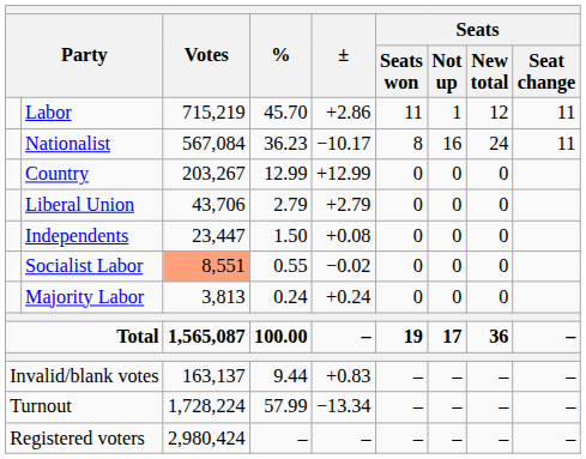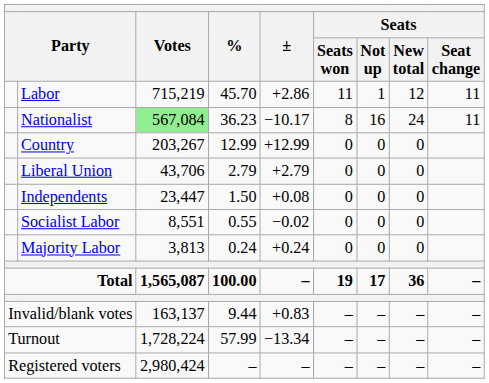 <table class="wikitable sortable tpl-blanktable" style="text-align:right; margin-bottom:0">
 <tr>
 <th colspan="9"></th>
 </tr>
 <tr>
 <th colspan="2" rowspan="2">Party</th>
 <th rowspan="2">Votes</th>
 <th rowspan="2">%</th>
 <th rowspan="2">±</th>
 <th colspan="4">Seats</th>
 </tr>
 <tr>
 <th>Seats<br>won</th>
 <th>Not<br>up</th>
 <th>New<br>total</th>
 <th>Seat<br>change</th>
 </tr>
 <tr>
 <td> </td>
 <td style="text-align:left;"><a href='#'>Labor</a></td>
 <td>715,219</td>
 <td>45.70</td>
 <td>+2.86</td>
 <td>11</td>
 <td>1</td>
 <td>12</td>
 <td> 11</td>
 </tr>
 <tr>
 <td> </td>
 <td style="text-align:left;"><a href='#'>Nationalist</a></td>
-<td>567,084</td>
+<td style="background: lightgreen;">567,084</td>
 <td>36.23</td>
 <td>−10.17</td>
 <td>8</td>
 <td>16</td>
 <td>24</td>
 <td> 11</td>
 </tr>
 <tr>
 <td> </td>
 <td style="text-align:left;"><a href='#'>Country</a></td>
 <td>203,267</td>
 <td>12.99</td>
 <td>+12.99</td>
 <td>0</td>
 <td>0</td>
 <td>0</td>
 <td></td>
 </tr>
 <tr>
 <td> </td>
 <td style="text-align:left;"><a href='#'>Liberal Union</a></td>
 <td>43,706</td>
 <td>2.79</td>
 <td>+2.79</td>
 <td>0</td>
 <td>0</td>
 <td>0</td>
 <td></td>
 </tr>
 <tr>
 <td> </td>
 <td style="text-align:left;"><a href='#'>Independents</a></td>
 <td>23,447</td>
 <td>1.50</td>
 <td>+0.08</td>
 <td>0</td>
 <td>0</td>
 <td>0</td>
 <td></td>
 </tr>
 <tr>
 <td> </td>
 <td style="text-align:left;"><a href='#'>Socialist Labor</a></td>
-<td style="background: lightsalmon;">8,551</td>
+<td>8,551</td>
 <td>0.55</td>
 <td>−0.02</td>
 <td>0</td>
 <td>0</td>
 <td>0</td>
 <td></td>
 </tr>
 <tr>
 <td> </td>
 <td style="text-align:left;"><a href='#'>Majority Labor</a></td>
 <td>3,813</td>
 <td>0.24</td>
 <td>+0.24</td>
 <td>0</td>
 <td>0</td>
 <td>0</td>
 <td></td>
 </tr>
 <tr>
 <th colspan=9></th>
 </tr>
 <tr>
 <td colspan="2"><strong>Total</strong></td>
 <td><strong>1,565,087</strong></td>
 <td><strong>100.00</strong></td>
 <td><strong>–</strong></td>
 <td><strong>19</strong></td>
 <td><strong>17</strong></td>
 <td><strong>36</strong></td>
 <td><strong>–</strong></td>
 </tr>
 <tr>
 <th colspan=9></th>
 </tr>
 <tr>
 <td colspan="2" align=left>Invalid/blank votes</td>
 <td>163,137</td>
 <td>9.44</td>
 <td>+0.83</td>
 <td>–</td>
 <td>–</td>
 <td>–</td>
 <td>–</td>
 </tr>
 <tr>
 <td colspan="2" align=left>Turnout</td>
 <td>1,728,224</td>
 <td>57.99</td>
 <td>−13.34</td>
 <td>–</td>
 <td>–</td>
 <td>–</td>
 <td>–</td>
 </tr>
 <tr>
 <td colspan="2" align=left>Registered voters</td>
 <td>2,980,424</td>
 <td>–</td>
 <td>–</td>
 <td>–</td>
 <td>–</td>
 <td>–</td>
 <td>–</td>
 </tr>
 </table>
